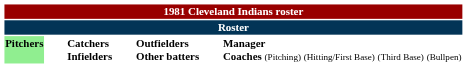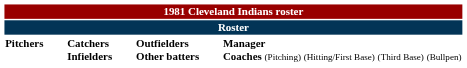 <table class="toccolours" style="font-size: 95%;">
 <tr>
 <th colspan="10" style="background-color: #990000; color: white; text-align: center;">1981 Cleveland Indians roster</th>
 </tr>
 <tr>
 <td colspan="10" style="background-color: #023456; color: white; text-align: center;"><strong>Roster</strong></td>
 </tr>
 <tr>
-<td valign="top" style="background: lightgreen;"><strong>Pitchers</strong><br>           </td>
+<td valign="top"><strong>Pitchers</strong><br>           </td>
 <td width="25px"></td>
 <td valign="top"><strong>Catchers</strong><br>   <strong>Infielders</strong>        </td>
 <td width="25px"></td>
 <td valign="top"><strong>Outfielders</strong><br>       <strong>Other batters</strong>   </td>
 <td width="25px"></td>
 <td valign="top"><strong>Manager</strong><br> <strong>Coaches</strong>  <small>(Pitching)</small>  <small>(Hitting/First Base)</small> <small>(Third Base)</small> <small>(Bullpen)</small></td>
 </tr>
 </table>
